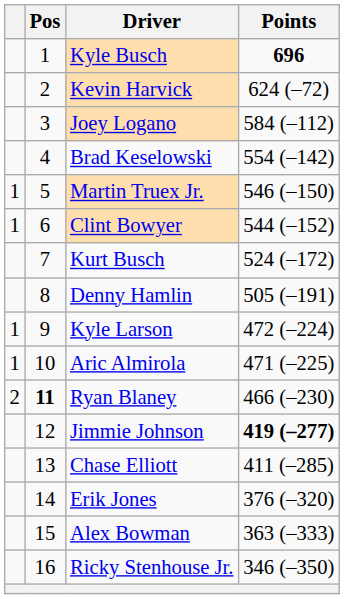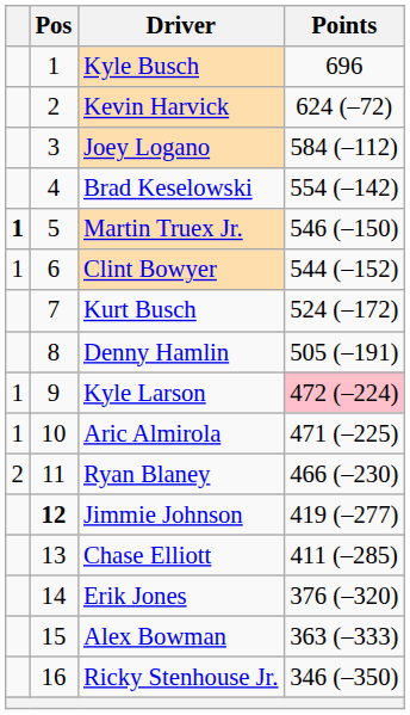 <table class="wikitable" style="font-size: 95%;">
 <tr>
 <th></th>
 <th>Pos</th>
 <th>Driver</th>
 <th>Points</th>
 </tr>
 <tr>
 <td align="left"></td>
 <td style="text-align:center;">1</td>
 <td style="background:#FFDEAD;"><a href='#'>Kyle Busch</a></td>
-<td style="text-align:center;"><strong>696</strong></td>
+<td style="text-align:center;">696</td>
 </tr>
 <tr>
 <td align="left"></td>
 <td style="text-align:center;">2</td>
 <td style="background:#FFDEAD;"><a href='#'>Kevin Harvick</a></td>
 <td style="text-align:center;">624 (–72)</td>
 </tr>
 <tr>
 <td align="left"></td>
 <td style="text-align:center;">3</td>
 <td style="background:#FFDEAD;"><a href='#'>Joey Logano</a></td>
 <td style="text-align:center;">584 (–112)</td>
 </tr>
 <tr>
 <td align="left"></td>
 <td style="text-align:center;">4</td>
 <td><a href='#'>Brad Keselowski</a></td>
 <td style="text-align:center;">554 (–142)</td>
 </tr>
 <tr>
-<td align="left"> 1</td>
+<td align="left"><strong> 1</strong></td>
 <td style="text-align:center;">5</td>
 <td style="background:#FFDEAD;"><a href='#'>Martin Truex Jr.</a></td>
 <td style="text-align:center;">546 (–150)</td>
 </tr>
 <tr>
 <td align="left"> 1</td>
 <td style="text-align:center;">6</td>
 <td style="background:#FFDEAD;"><a href='#'>Clint Bowyer</a></td>
 <td style="text-align:center;">544 (–152)</td>
 </tr>
 <tr>
 <td align="left"></td>
 <td style="text-align:center;">7</td>
 <td><a href='#'>Kurt Busch</a></td>
 <td style="text-align:center;">524 (–172)</td>
 </tr>
 <tr>
 <td align="left"></td>
 <td style="text-align:center;">8</td>
 <td><a href='#'>Denny Hamlin</a></td>
 <td style="text-align:center;">505 (–191)</td>
 </tr>
 <tr>
 <td align="left"> 1</td>
 <td style="text-align:center;">9</td>
 <td><a href='#'>Kyle Larson</a></td>
-<td style="text-align:center;">472 (–224)</td>
+<td style="background: pink; text-align:center;">472 (–224)</td>
 </tr>
 <tr>
 <td align="left"> 1</td>
 <td style="text-align:center;">10</td>
 <td><a href='#'>Aric Almirola</a></td>
 <td style="text-align:center;">471 (–225)</td>
 </tr>
 <tr>
 <td align="left"> 2</td>
-<td style="text-align:center;"><strong>11</strong></td>
+<td style="text-align:center;">11</td>
 <td><a href='#'>Ryan Blaney</a></td>
 <td style="text-align:center;">466 (–230)</td>
 </tr>
 <tr>
 <td align="left"></td>
-<td style="text-align:center;">12</td>
+<td style="text-align:center;"><strong>12</strong></td>
 <td><a href='#'>Jimmie Johnson</a></td>
-<td style="text-align:center;"><strong>419 (–277)</strong></td>
+<td style="text-align:center;">419 (–277)</td>
 </tr>
 <tr>
 <td align="left"></td>
 <td style="text-align:center;">13</td>
 <td><a href='#'>Chase Elliott</a></td>
 <td style="text-align:center;">411 (–285)</td>
 </tr>
 <tr>
 <td align="left"></td>
 <td style="text-align:center;">14</td>
 <td><a href='#'>Erik Jones</a></td>
 <td style="text-align:center;">376 (–320)</td>
 </tr>
 <tr>
 <td align="left"></td>
 <td style="text-align:center;">15</td>
 <td><a href='#'>Alex Bowman</a></td>
 <td style="text-align:center;">363 (–333)</td>
 </tr>
 <tr>
 <td align="left"></td>
 <td style="text-align:center;">16</td>
 <td><a href='#'>Ricky Stenhouse Jr.</a></td>
 <td style="text-align:center;">346 (–350)</td>
 </tr>
 <tr class="sortbottom">
 <th colspan="9"></th>
 </tr>
 </table>
